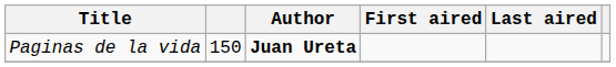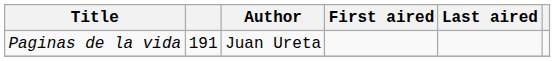 <table class="wikitable sortable">
 <tr>
 <th>Title</th>
 <th></th>
 <th>Author</th>
 <th>First aired</th>
 <th>Last aired</th>
 <th></th>
 </tr>
 <tr>
 <td><em>Paginas de la vida</em></td>
-<td>150</td>
-<td><strong>Juan Ureta</strong></td>
+<td>191</td>
+<td>Juan Ureta</td>
 <td></td>
 <td></td>
 <td></td>
 </tr>
 <tr>
 </tr>
 </table>
